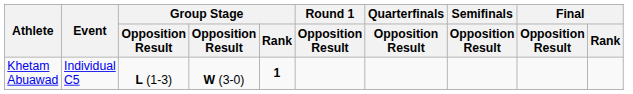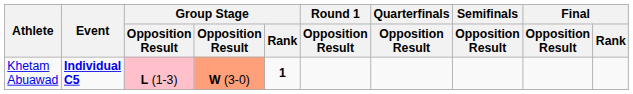 <table class=wikitable style="font-size:90%">
 <tr>
 <th rowspan="2">Athlete</th>
 <th rowspan="2">Event</th>
 <th colspan="3">Group Stage</th>
 <th>Round 1</th>
 <th>Quarterfinals</th>
 <th>Semifinals</th>
 <th colspan="2">Final</th>
 </tr>
 <tr>
 <th>Opposition<br>Result</th>
 <th>Opposition<br>Result</th>
 <th>Rank</th>
 <th>Opposition<br>Result</th>
 <th>Opposition<br>Result</th>
 <th>Opposition<br>Result</th>
 <th>Opposition<br>Result</th>
 <th>Rank</th>
 </tr>
 <tr align=center>
 <td align=left><a href='#'>Khetam Abuawad</a></td>
-<td align=left><a href='#'>Individual C5</a></td>
-<td><br><strong>L</strong> (1-3)</td>
-<td><br><strong>W</strong> (3-0)</td>
+<td align=left><strong><a href='#'>Individual C5</a></strong></td>
+<td style="background: pink;"><br><strong>L</strong> (1-3)</td>
+<td style="background: lightsalmon;"><br><strong>W</strong> (3-0)</td>
 <td><strong>1</strong></td>
 <td></td>
 <td></td>
 <td></td>
 <td></td>
 <td></td>
 </tr>
 </table>
